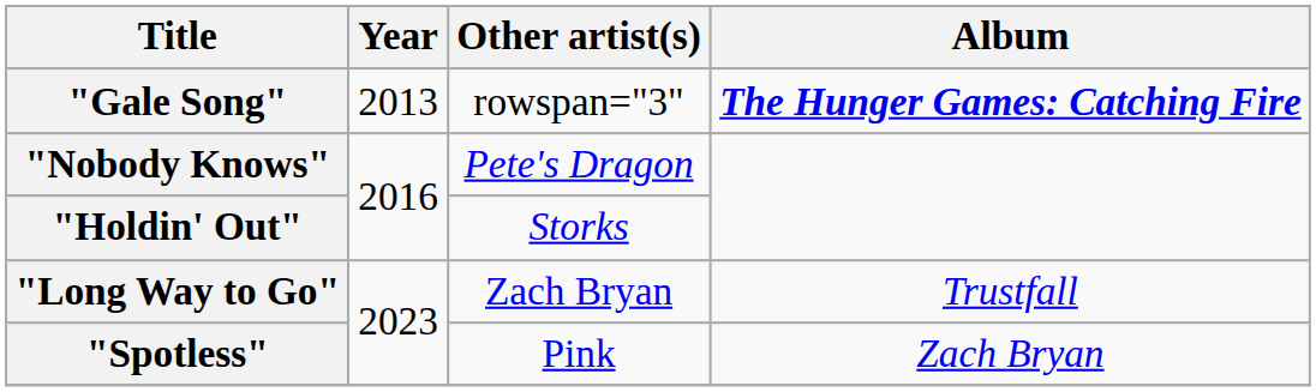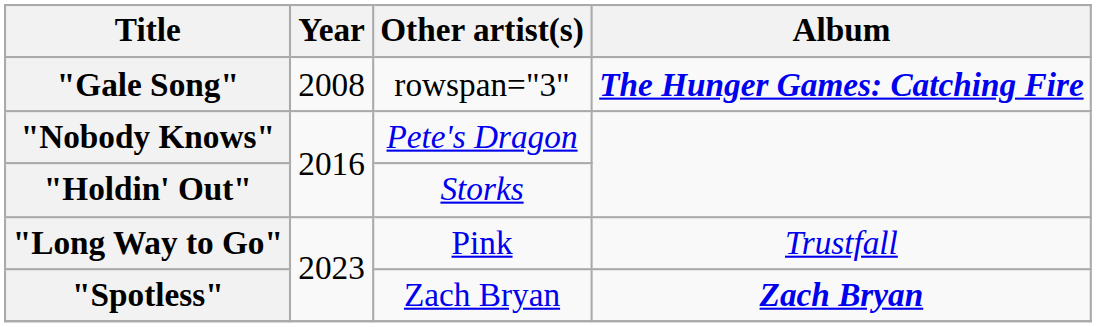 <table class="wikitable plainrowheaders" style="text-align:center;">
 <tr>
 <th scope="col">Title</th>
 <th scope="col">Year</th>
 <th scope="col">Other artist(s)</th>
 <th scope="col">Album</th>
 </tr>
 <tr>
 <th scope="row">"Gale Song"</th>
-<td>2013</td>
+<td>2008</td>
 <td>rowspan="3" </td>
 <td><strong><em><a href='#'>The Hunger Games: Catching Fire</a></em></strong></td>
 </tr>
 <tr>
 <th scope="row">"Nobody Knows"</th>
 <td rowspan="2">2016</td>
 <td><em><a href='#'>Pete's Dragon</a></em></td>
 </tr>
 <tr>
 <th scope="row">"Holdin' Out"</th>
 <td><em><a href='#'>Storks</a></em></td>
 </tr>
 <tr>
 <th scope="row">"Long Way to Go"</th>
 <td rowspan="2">2023</td>
-<td><a href='#'>Zach Bryan</a></td>
+<td><a href='#'>Pink</a></td>
 <td><em><a href='#'>Trustfall</a></em></td>
 </tr>
 <tr>
 <th scope="row">"Spotless"</th>
-<td><a href='#'>Pink</a></td>
-<td><em><a href='#'>Zach Bryan</a></em></td>
+<td><a href='#'>Zach Bryan</a></td>
+<td><strong><em><a href='#'>Zach Bryan</a></em></strong></td>
 </tr>
 <tr>
 </tr>
 </table>
